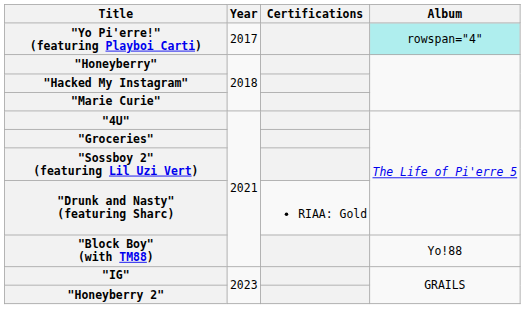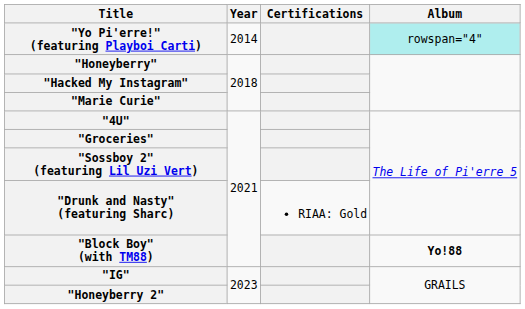 <table class="wikitable plainrowheaders" style="text-align:center;">
 <tr>
 <th scope="col" style="width:19em;">Title</th>
 <th scope="col">Year</th>
 <th>Certifications</th>
 <th scope="col"><strong>Album</strong></th>
 </tr>
 <tr>
 <th scope="row">"Yo Pi'erre!"<br><span>(featuring <a href='#'>Playboi Carti</a>)</span></th>
-<td>2017</td>
+<td>2014</td>
 <th></th>
 <td style="background: paleturquoise;">rowspan="4" </td>
 </tr>
 <tr>
 <th scope="row">"Honeyberry"</th>
 <td rowspan="3">2018</td>
 <th></th>
 </tr>
 <tr>
 <th scope="row">"Hacked My Instagram"</th>
 <th></th>
 </tr>
 <tr>
 <th scope="row">"Marie Curie"</th>
 <th></th>
 </tr>
 <tr>
 <th scope="row">"4U"</th>
 <td rowspan="5">2021</td>
 <th></th>
 <td rowspan="4"><em><a href='#'>The Life of Pi'erre 5</a></em></td>
 </tr>
 <tr>
 <th scope="row">"Groceries"</th>
 <th></th>
 </tr>
 <tr>
 <th scope="row">"Sossboy 2" <br><span>(featuring <a href='#'>Lil Uzi Vert</a>)</span></th>
 <th></th>
 </tr>
 <tr>
 <th scope="row">"Drunk and Nasty" <br><span>(featuring Sharc)</span></th>
 <td><br><ul><li>RIAA: Gold</li></ul></td>
 </tr>
 <tr>
 <th scope="row">"Block Boy" <br><span>(with <a href='#'>TM88</a>)</span></th>
 <th></th>
-<td>Yo!88</td>
+<td><strong>Yo!88</strong></td>
 </tr>
 <tr>
 <th scope="row">"IG"</th>
 <td rowspan="2">2023</td>
 <th></th>
 <td rowspan="2">GRAILS</td>
 </tr>
 <tr>
 <th scope="row">"Honeyberry 2"</th>
 <th></th>
 </tr>
 </table>
